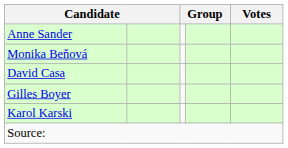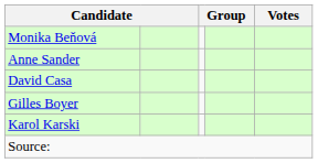 <table class="wikitable">
 <tr>
 <th colspan=2>Candidate</th>
 <th colspan=2>Group</th>
 <th style="width:60px;">Votes</th>
 </tr>
 <tr>
+<td style="background-color:#d8ffcc"><a href='#'>Monika Beňová</a></td>
+<td style="background-color:#d8ffcc"></td>
+<td style="background-color:"></td>
+<td style="background-color:#d8ffcc"><strong></strong></td>
+<td align="right" style="background-color:#d8ffcc"><strong></strong></td>
+</tr>
+<tr>
 <td style="width:150px; background-color:#d8ffcc"><a href='#'>Anne Sander</a></td>
 <td style="width:60px; background-color:#d8ffcc"></td>
 <td style="background-color:width:1px; background-color:"></td>
 <td style="width:50px; background-color:#d8ffcc"><strong></strong></td>
-<td align="right" style="background-color:#d8ffcc"><strong></strong></td>
-</tr>
-<tr>
-<td style="background-color:#d8ffcc"><a href='#'>Monika Beňová</a></td>
-<td style="background-color:#d8ffcc"></td>
-<td style="background-color:"></td>
-<td style="background-color:#d8ffcc"><strong></strong></td>
 <td align="right" style="background-color:#d8ffcc"><strong></strong></td>
 </tr>
 <tr>
 <td style="background-color:#d8ffcc"><a href='#'>David Casa</a></td>
 <td style="background-color:#d8ffcc"></td>
 <td style="background-color:"></td>
 <td style="background-color:#d8ffcc"><strong></strong></td>
 <td align="right" style="background-color:#d8ffcc"><strong></strong></td>
 </tr>
 <tr>
 <td style="background-color:#d8ffcc"><a href='#'>Gilles Boyer</a></td>
 <td style="background-color:#d8ffcc"></td>
 <td style="background-color:"></td>
 <td style="background-color:#d8ffcc"><strong></strong></td>
 <td align="right" style="background-color:#d8ffcc"><strong></strong></td>
 </tr>
 <tr>
 <td style="background-color:#d8ffcc"><a href='#'>Karol Karski</a></td>
 <td style="background-color:#d8ffcc"></td>
 <td style="background-color:"></td>
 <td style="background-color:#d8ffcc"><strong></strong></td>
 <td align="right" style="background-color:#d8ffcc"><strong></strong></td>
 </tr>
 <tr>
 <td colspan=5>Source: </td>
 </tr>
 </table>
